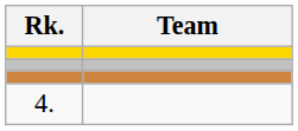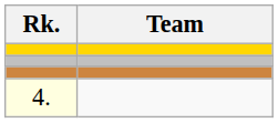 <table class="wikitable">
 <tr>
 <th style="border-bottom:1px solid #AAAAAA" width=40>Rk.</th>
 <th style="border-bottom:1px solid #AAAAAA" width=120>Team</th>
 </tr>
 <tr style="background:#ffd700;">
 <td align=center></td>
 <td></td>
 </tr>
 <tr style="background:#c0c0c0;">
 <td align=center></td>
 <td></td>
 </tr>
 <tr style="background:#CD853F;">
 <td align=center></td>
 <td></td>
 </tr>
 <tr>
-<td align=center>4.</td>
+<td align=center style="background: lightyellow;">4.</td>
 <td></td>
 </tr>
 </table>
